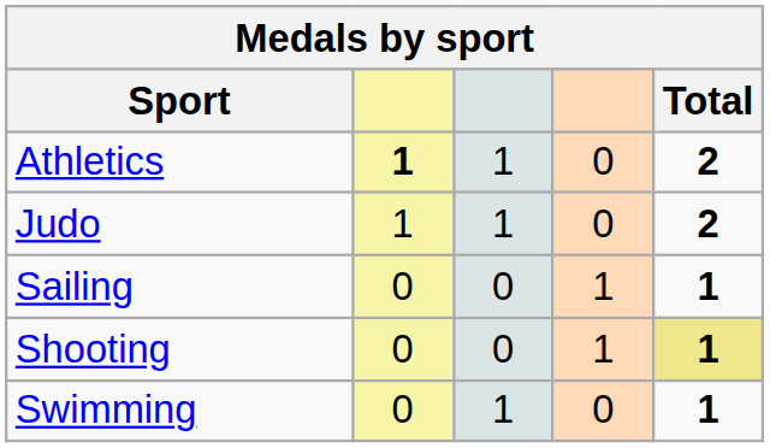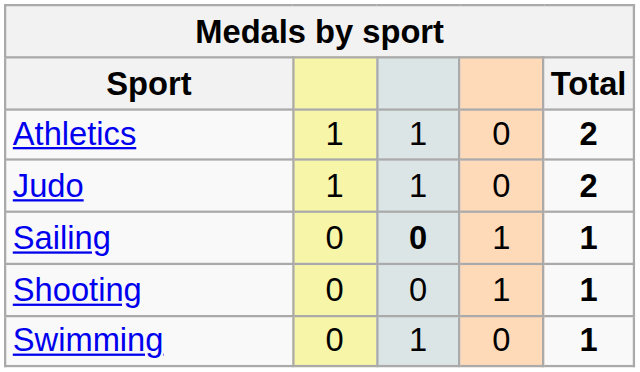 <table class="wikitable" style="font-size:90%; text-align:center;">
 <tr>
 <th colspan="5">Medals by sport</th>
 </tr>
 <tr>
 <th width="120">Sport</th>
 <th scope="col" width="30" style="background:#F7F6A8;"></th>
 <th scope="col" width="30" style="background:#DCE5E5;"></th>
 <th scope="col" width="30" style="background:#FFDAB9;"></th>
 <th width="30">Total</th>
 </tr>
 <tr>
 <td align="left"><a href='#'>Athletics</a></td>
-<td style="background:#F7F6A8;"><strong>1</strong></td>
+<td style="background:#F7F6A8;">1</td>
 <td style="background:#DCE5E5;">1</td>
 <td style="background:#FFDAB9;">0</td>
 <td><strong>2</strong></td>
 </tr>
 <tr>
 <td align="left"><a href='#'>Judo</a></td>
 <td style="background:#F7F6A8;">1</td>
 <td style="background:#DCE5E5;">1</td>
 <td style="background:#FFDAB9;">0</td>
 <td><strong>2</strong></td>
 </tr>
 <tr>
 <td align="left"><a href='#'>Sailing</a></td>
 <td style="background:#F7F6A8;">0</td>
-<td style="background:#DCE5E5;">0</td>
+<td style="background:#DCE5E5;"><strong>0</strong></td>
 <td style="background:#FFDAB9;">1</td>
 <td><strong>1</strong></td>
 </tr>
 <tr>
 <td align="left"><a href='#'>Shooting</a></td>
 <td style="background:#F7F6A8;">0</td>
 <td style="background:#DCE5E5;">0</td>
 <td style="background:#FFDAB9;">1</td>
-<td style="background: khaki;"><strong>1</strong></td>
+<td><strong>1</strong></td>
 </tr>
 <tr>
 <td align="left"><a href='#'>Swimming</a></td>
 <td style="background:#F7F6A8;">0</td>
 <td style="background:#DCE5E5;">1</td>
 <td style="background:#FFDAB9;">0</td>
 <td><strong>1</strong></td>
 </tr>
 </table>
